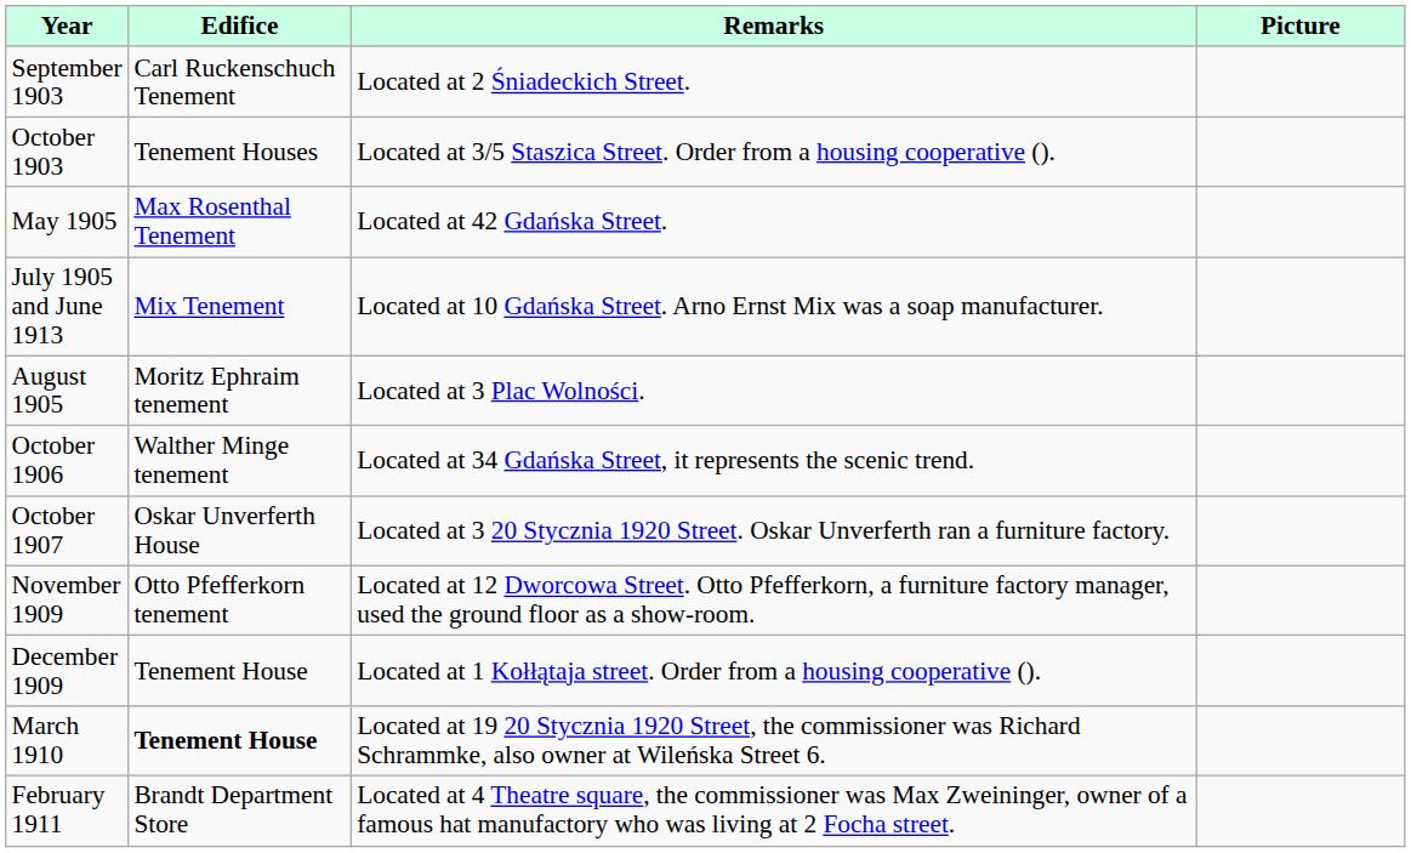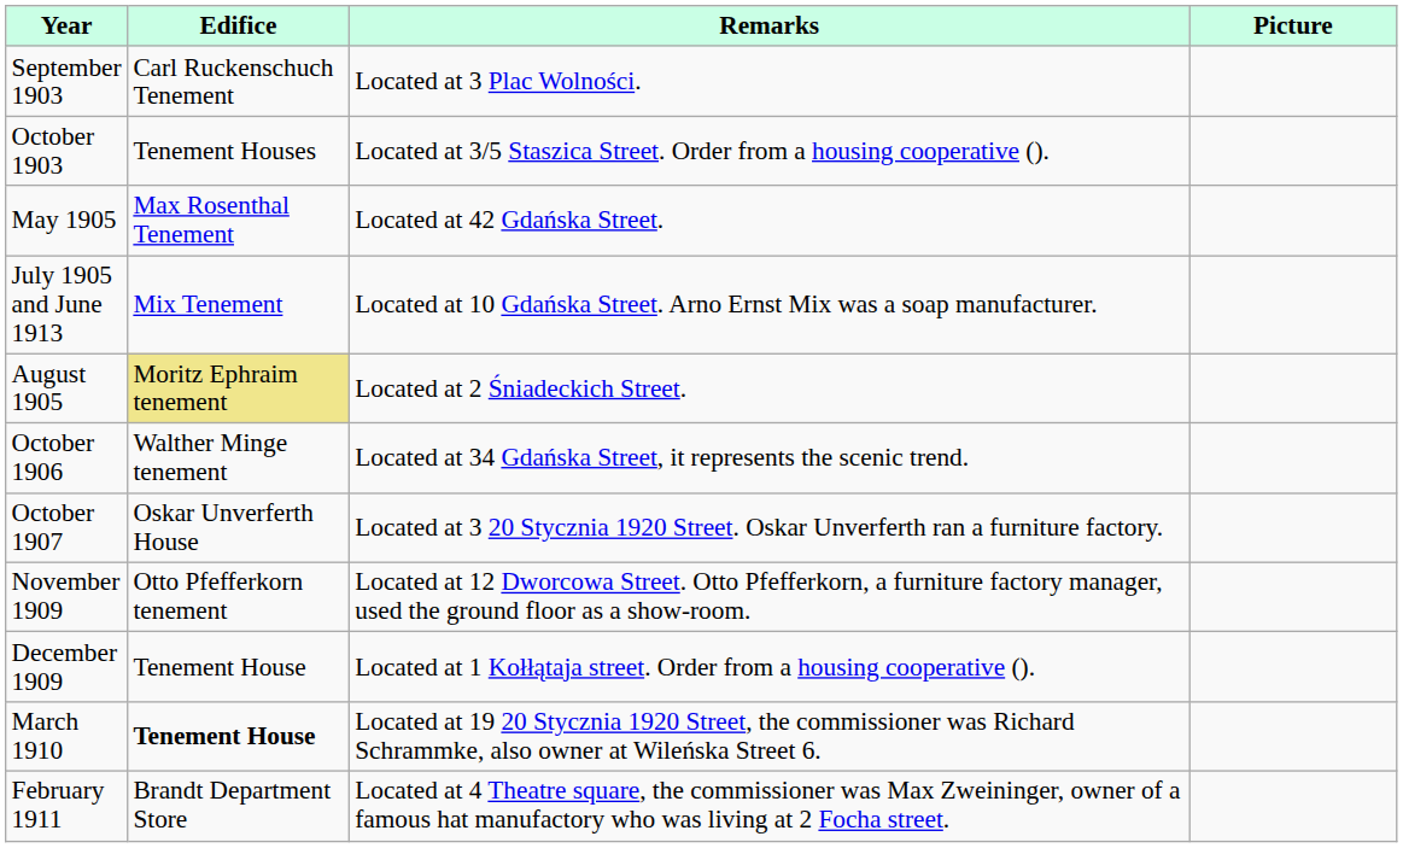 <table class="wikitable" style="flex: 30em">
 <tr align="center" bgcolor="#C9FFE5">
 <td width=8%><strong>Year</strong></td>
 <td width=16%><strong>Edifice</strong></td>
 <td width=61%><strong>Remarks</strong></td>
 <td width=15%><strong>Picture</strong></td>
 </tr>
 <tr ----bgcolor="#FFFFFF">
 <td>September 1903</td>
 <td>Carl Ruckenschuch Tenement</td>
-<td>Located at 2 <a href='#'>Śniadeckich Street</a>.</td>
+<td>Located at 3 <a href='#'>Plac Wolności</a>.</td>
 <td></td>
 </tr>
 <tr>
 <td>October 1903</td>
 <td>Tenement Houses</td>
 <td>Located at 3/5 <a href='#'>Staszica Street</a>. Order from a <a href='#'>housing cooperative</a> ().</td>
 <td></td>
 </tr>
 <tr>
 <td>May 1905</td>
 <td><a href='#'>Max Rosenthal Tenement</a></td>
 <td>Located at 42 <a href='#'>Gdańska Street</a>.</td>
 <td></td>
 </tr>
 <tr>
 <td>July 1905 and June 1913</td>
 <td><a href='#'>Mix Tenement</a></td>
 <td>Located at 10 <a href='#'>Gdańska Street</a>. Arno Ernst Mix was a soap manufacturer.</td>
 <td></td>
 </tr>
 <tr>
 <td>August 1905</td>
-<td>Moritz Ephraim tenement</td>
-<td>Located at 3 <a href='#'>Plac Wolności</a>.</td>
+<td style="background: khaki;">Moritz Ephraim tenement</td>
+<td>Located at 2 <a href='#'>Śniadeckich Street</a>.</td>
 <td></td>
 </tr>
 <tr>
 <td>October 1906</td>
 <td>Walther Minge tenement</td>
 <td>Located at 34 <a href='#'>Gdańska Street</a>, it represents the scenic trend.</td>
 <td></td>
 </tr>
 <tr>
 <td>October 1907</td>
 <td>Oskar Unverferth House</td>
 <td>Located at 3 <a href='#'>20 Stycznia 1920 Street</a>. Oskar Unverferth ran a furniture factory.</td>
 <td></td>
 </tr>
 <tr>
 <td>November 1909</td>
 <td>Otto Pfefferkorn tenement</td>
 <td>Located at 12 <a href='#'>Dworcowa Street</a>. Otto Pfefferkorn, a furniture factory manager, used the ground floor as a show-room.</td>
 <td></td>
 </tr>
 <tr>
 <td>December 1909</td>
 <td>Tenement House</td>
 <td>Located at 1 <a href='#'>Kołłątaja street</a>. Order from a <a href='#'>housing cooperative</a> ().</td>
 <td></td>
 </tr>
 <tr>
 <td>March 1910</td>
 <td><strong>Tenement House</strong></td>
 <td>Located at 19 <a href='#'>20 Stycznia 1920 Street</a>, the commissioner was Richard Schrammke, also owner at Wileńska Street 6.</td>
 <td></td>
 </tr>
 <tr>
 <td>February 1911</td>
 <td>Brandt Department Store</td>
 <td>Located at 4 <a href='#'>Theatre square</a>, the commissioner was Max Zweininger, owner of a famous hat manufactory who was living at 2 <a href='#'>Focha street</a>.</td>
 <td></td>
 </tr>
 </table>
